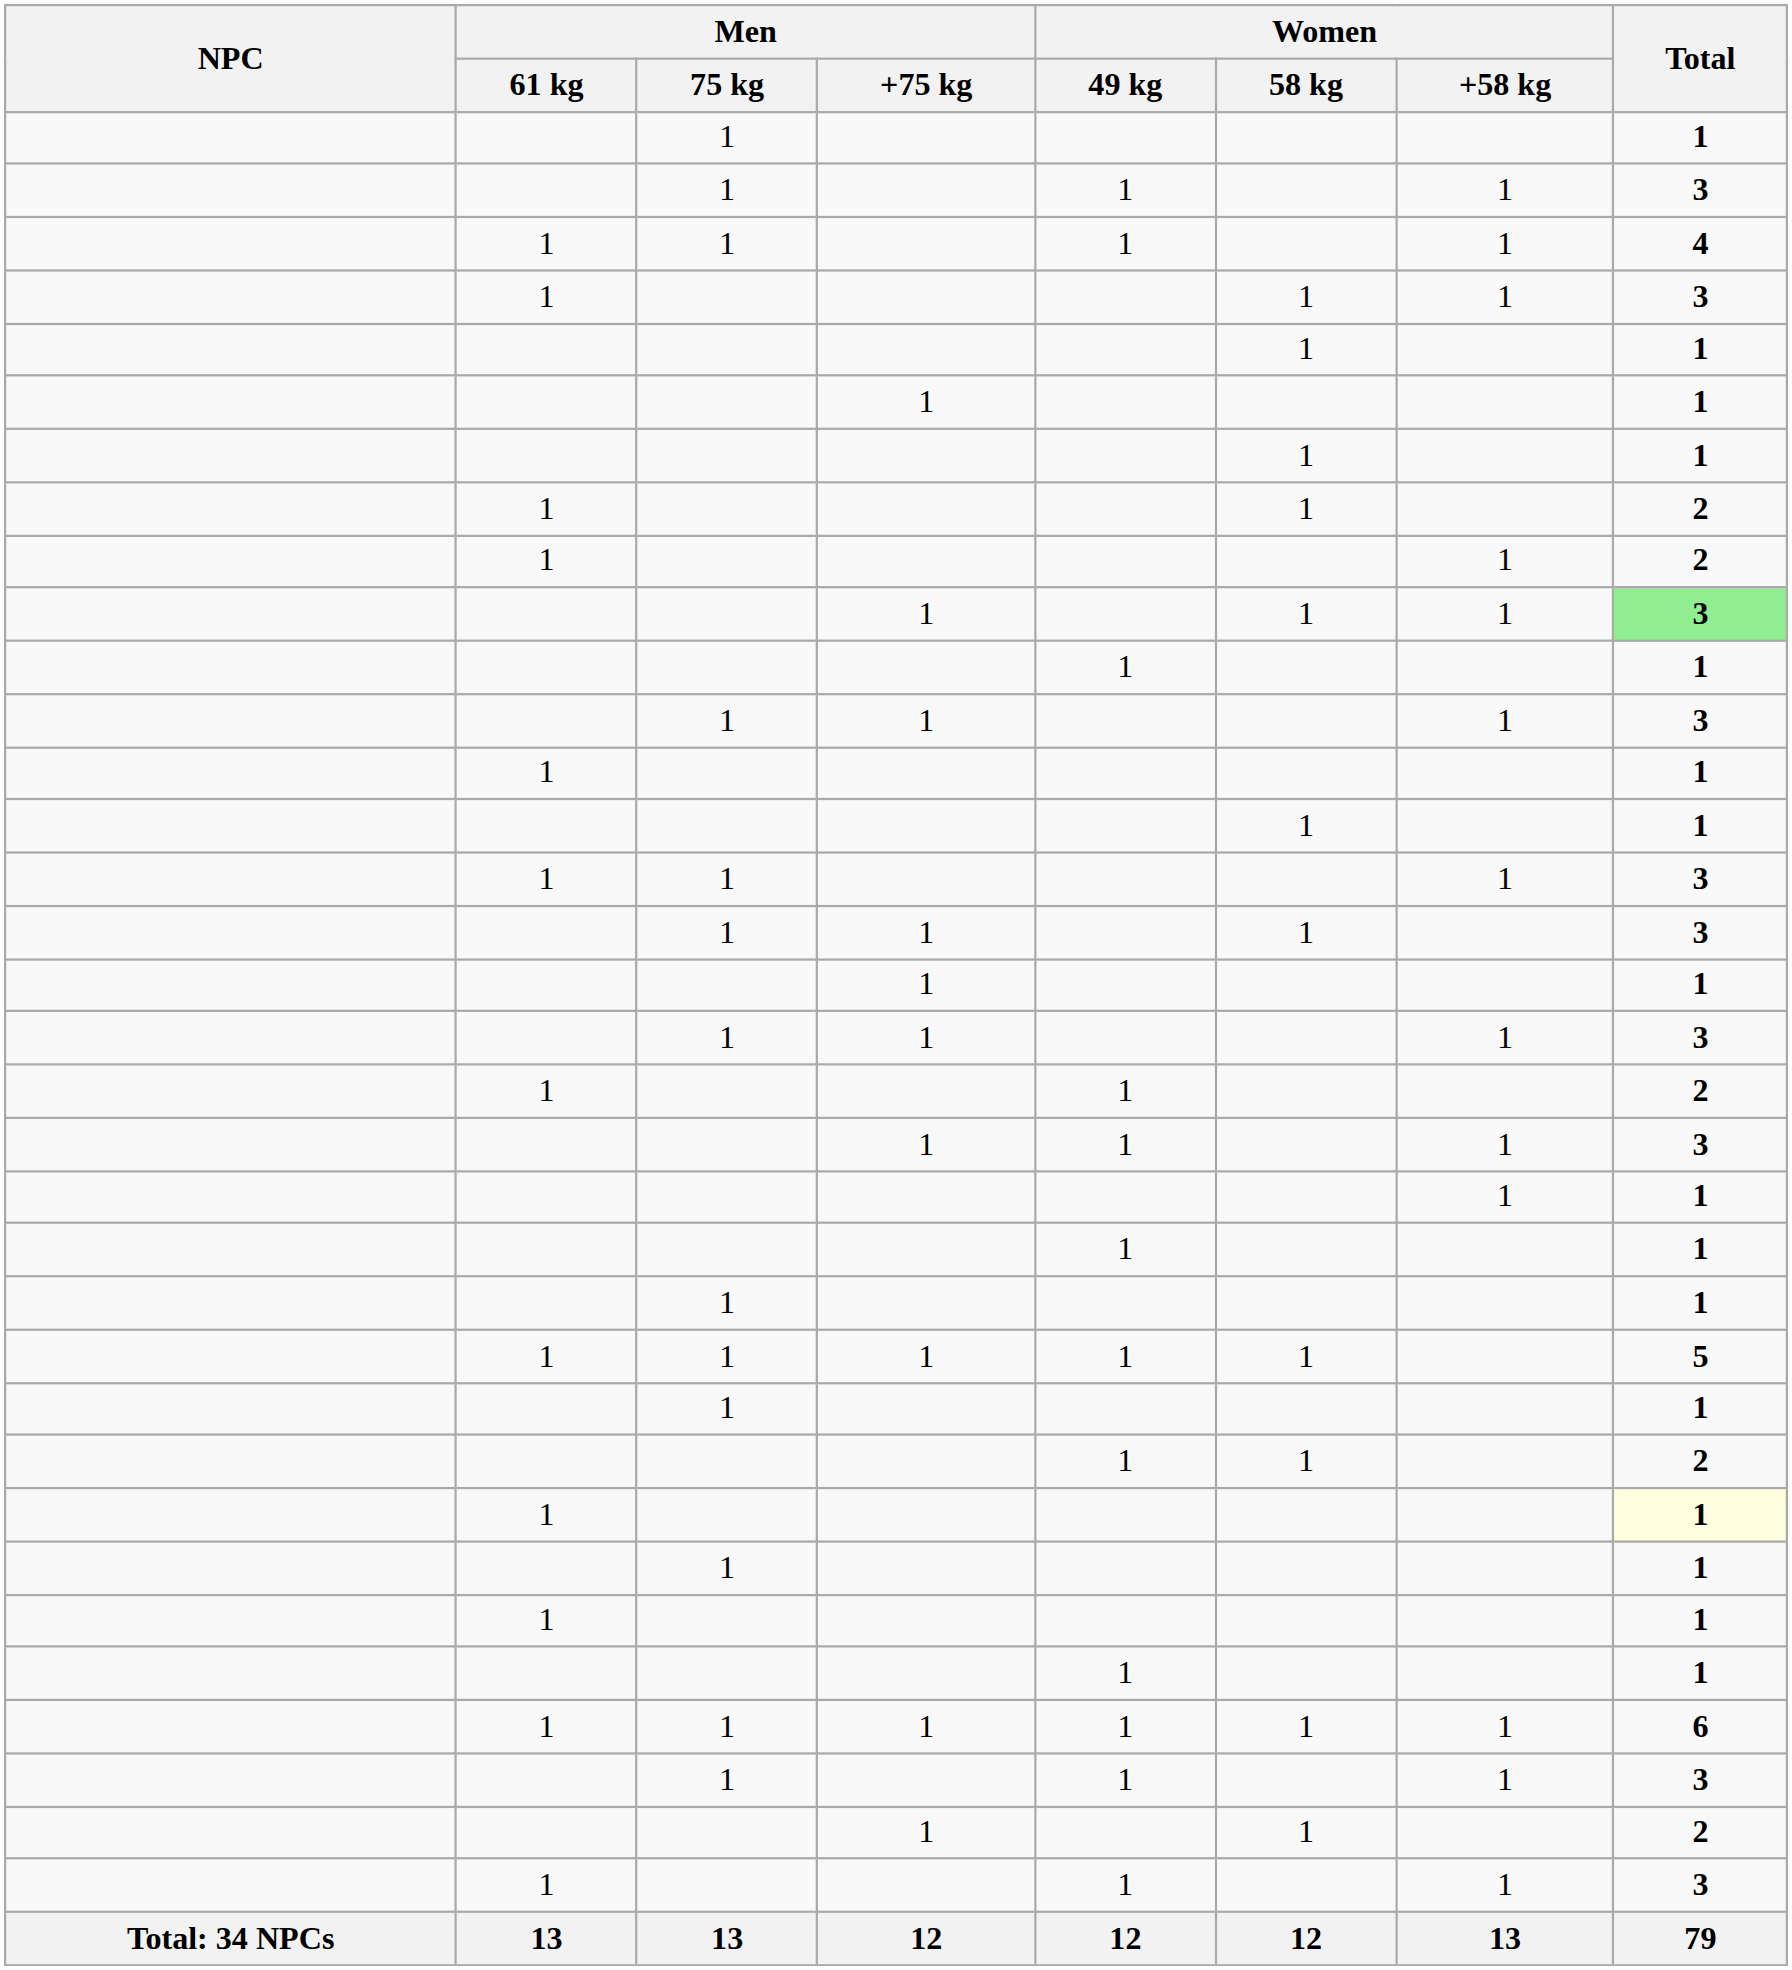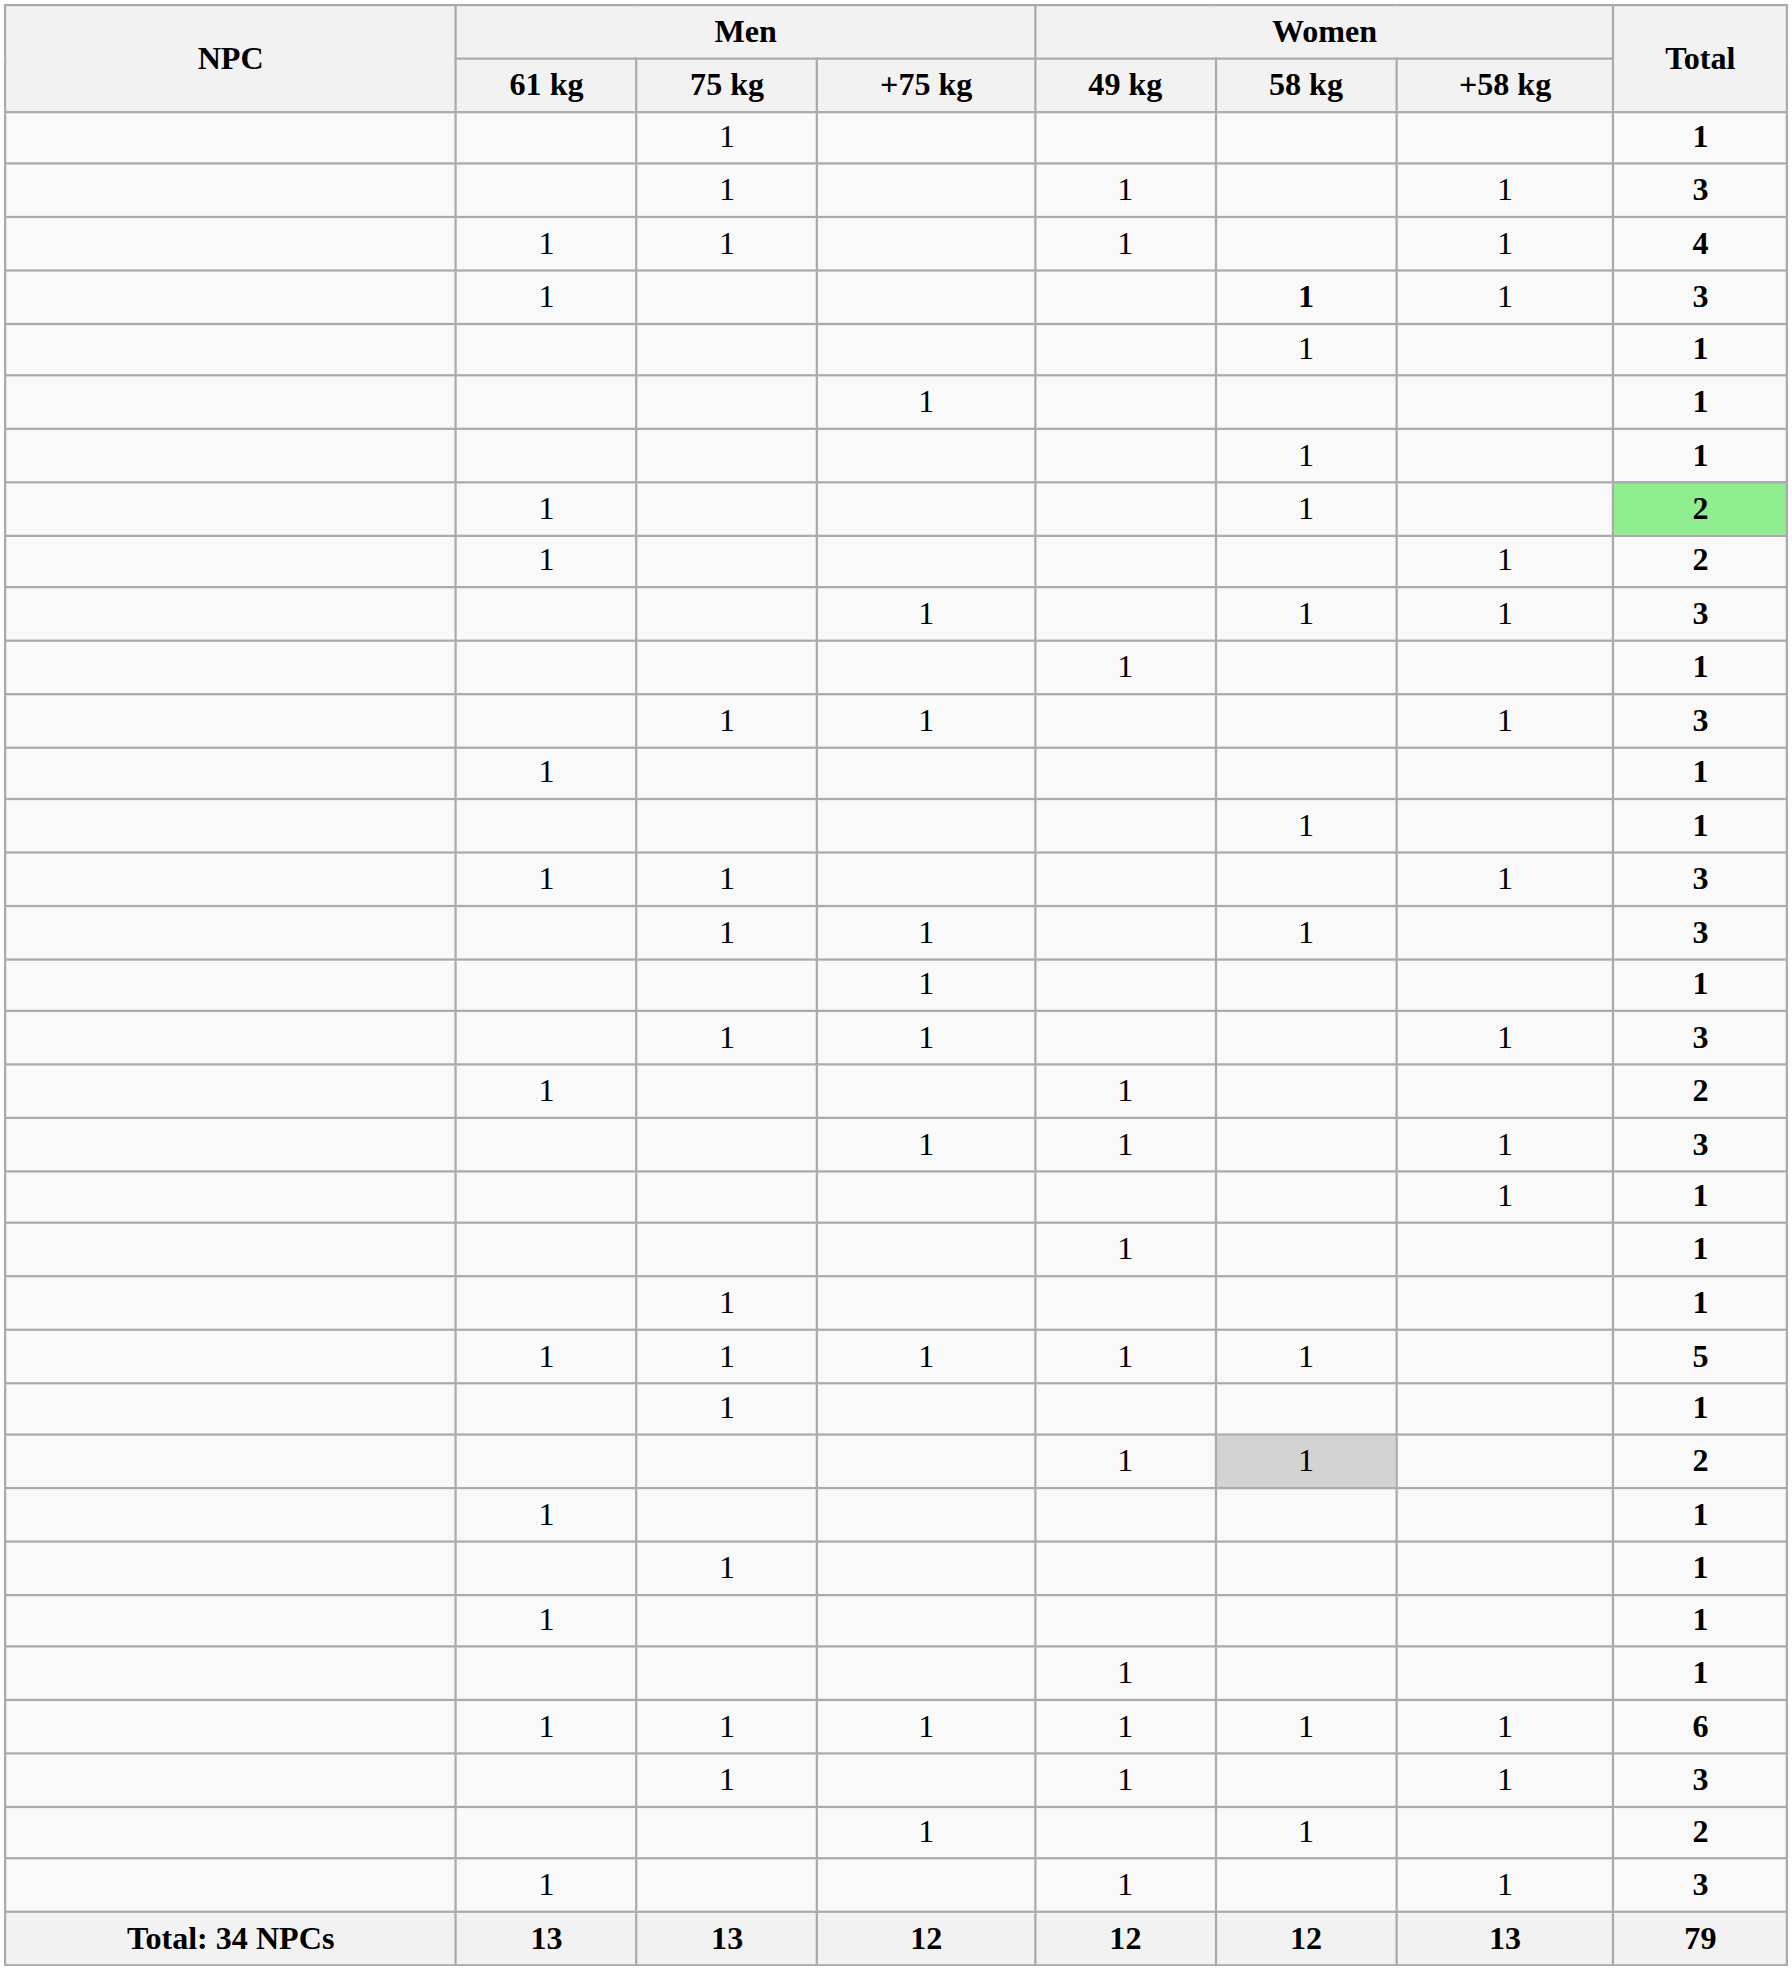 <table class="wikitable sortable" style="width:800px; text-align:center; font-size:90%;">
 <tr>
 <th rowspan="2">NPC</th>
 <th colspan="3">Men</th>
 <th colspan="3">Women</th>
 <th rowspan="2">Total</th>
 </tr>
 <tr>
 <th>61 kg</th>
 <th>75 kg</th>
 <th>+75 kg</th>
 <th>49 kg</th>
 <th>58 kg</th>
 <th>+58 kg</th>
 </tr>
 <tr>
 <td align=left></td>
 <td></td>
 <td>1</td>
 <td></td>
 <td></td>
 <td></td>
 <td></td>
 <td><strong>1</strong></td>
 </tr>
 <tr>
 <td align=left></td>
 <td></td>
 <td>1</td>
 <td></td>
 <td>1</td>
 <td></td>
 <td>1</td>
 <td><strong>3</strong></td>
 </tr>
 <tr>
 <td align=left></td>
 <td>1</td>
 <td>1</td>
 <td></td>
 <td>1</td>
 <td></td>
 <td>1</td>
 <td><strong>4</strong></td>
 </tr>
 <tr>
 <td align=left></td>
 <td>1</td>
 <td></td>
 <td></td>
 <td></td>
-<td>1</td>
+<td><strong>1</strong></td>
 <td>1</td>
 <td><strong>3</strong></td>
 </tr>
 <tr>
 <td align=left></td>
 <td></td>
 <td></td>
 <td></td>
 <td></td>
 <td>1</td>
 <td></td>
 <td><strong>1</strong></td>
 </tr>
 <tr>
 <td align=left></td>
 <td></td>
 <td></td>
 <td>1</td>
 <td></td>
 <td></td>
 <td></td>
 <td><strong>1</strong></td>
 </tr>
 <tr>
 <td align=left></td>
 <td></td>
 <td></td>
 <td></td>
 <td></td>
 <td>1</td>
 <td></td>
 <td><strong>1</strong></td>
 </tr>
 <tr>
 <td align=left></td>
 <td>1</td>
 <td></td>
 <td></td>
 <td></td>
 <td>1</td>
 <td></td>
-<td><strong>2</strong></td>
+<td style="background: lightgreen;"><strong>2</strong></td>
 </tr>
 <tr>
 <td align=left></td>
 <td>1</td>
 <td></td>
 <td></td>
 <td></td>
 <td></td>
 <td>1</td>
 <td><strong>2</strong></td>
 </tr>
 <tr>
 <td align=left></td>
 <td></td>
 <td></td>
 <td>1</td>
 <td></td>
 <td>1</td>
 <td>1</td>
-<td style="background: lightgreen;"><strong>3</strong></td>
+<td><strong>3</strong></td>
 </tr>
 <tr>
 <td align=left></td>
 <td></td>
 <td></td>
 <td></td>
 <td>1</td>
 <td></td>
 <td></td>
 <td><strong>1</strong></td>
 </tr>
 <tr>
 <td align=left></td>
 <td></td>
 <td>1</td>
 <td>1</td>
 <td></td>
 <td></td>
 <td>1</td>
 <td><strong>3</strong></td>
 </tr>
 <tr>
 <td align=left></td>
 <td>1</td>
 <td></td>
 <td></td>
 <td></td>
 <td></td>
 <td></td>
 <td><strong>1</strong></td>
 </tr>
 <tr>
 <td align=left></td>
 <td></td>
 <td></td>
 <td></td>
 <td></td>
 <td>1</td>
 <td></td>
 <td><strong>1</strong></td>
 </tr>
 <tr>
 <td align=left></td>
 <td>1</td>
 <td>1</td>
 <td></td>
 <td></td>
 <td></td>
 <td>1</td>
 <td><strong>3</strong></td>
 </tr>
 <tr>
 <td align=left></td>
 <td></td>
 <td>1</td>
 <td>1</td>
 <td></td>
 <td>1</td>
 <td></td>
 <td><strong>3</strong></td>
 </tr>
 <tr>
 <td align=left></td>
 <td></td>
 <td></td>
 <td>1</td>
 <td></td>
 <td></td>
 <td></td>
 <td><strong>1</strong></td>
 </tr>
 <tr>
 <td align=left></td>
 <td></td>
 <td>1</td>
 <td>1</td>
 <td></td>
 <td></td>
 <td>1</td>
 <td><strong>3</strong></td>
 </tr>
 <tr>
 <td align=left></td>
 <td>1</td>
 <td></td>
 <td></td>
 <td>1</td>
 <td></td>
 <td></td>
 <td><strong>2</strong></td>
 </tr>
 <tr>
 <td align=left></td>
 <td></td>
 <td></td>
 <td>1</td>
 <td>1</td>
 <td></td>
 <td>1</td>
 <td><strong>3</strong></td>
 </tr>
 <tr>
 <td align=left></td>
 <td></td>
 <td></td>
 <td></td>
 <td></td>
 <td></td>
 <td>1</td>
 <td><strong>1</strong></td>
 </tr>
 <tr>
 <td align=left></td>
 <td></td>
 <td></td>
 <td></td>
 <td>1</td>
 <td></td>
 <td></td>
 <td><strong>1</strong></td>
 </tr>
 <tr>
 <td align=left></td>
 <td></td>
 <td>1</td>
 <td></td>
 <td></td>
 <td></td>
 <td></td>
 <td><strong>1</strong></td>
 </tr>
 <tr>
 <td align=left></td>
 <td>1</td>
 <td>1</td>
 <td>1</td>
 <td>1</td>
 <td>1</td>
 <td></td>
 <td><strong>5</strong></td>
 </tr>
 <tr>
 <td align=left></td>
 <td></td>
 <td>1</td>
 <td></td>
 <td></td>
 <td></td>
 <td></td>
 <td><strong>1</strong></td>
 </tr>
 <tr>
 <td align=left></td>
 <td></td>
 <td></td>
 <td></td>
 <td>1</td>
-<td>1</td>
+<td style="background: lightgrey;">1</td>
 <td></td>
 <td><strong>2</strong></td>
 </tr>
 <tr>
 <td align=left></td>
 <td>1</td>
 <td></td>
 <td></td>
 <td></td>
 <td></td>
 <td></td>
-<td style="background: lightyellow;"><strong>1</strong></td>
+<td><strong>1</strong></td>
 </tr>
 <tr>
 <td align=left></td>
 <td></td>
 <td>1</td>
 <td></td>
 <td></td>
 <td></td>
 <td></td>
 <td><strong>1</strong></td>
 </tr>
 <tr>
 <td align=left></td>
 <td>1</td>
 <td></td>
 <td></td>
 <td></td>
 <td></td>
 <td></td>
 <td><strong>1</strong></td>
 </tr>
 <tr>
 <td align=left></td>
 <td></td>
 <td></td>
 <td></td>
 <td>1</td>
 <td></td>
 <td></td>
 <td><strong>1</strong></td>
 </tr>
 <tr>
 <td align=left></td>
 <td>1</td>
 <td>1</td>
 <td>1</td>
 <td>1</td>
 <td>1</td>
 <td>1</td>
 <td><strong>6</strong></td>
 </tr>
 <tr>
 <td align=left></td>
 <td></td>
 <td>1</td>
 <td></td>
 <td>1</td>
 <td></td>
 <td>1</td>
 <td><strong>3</strong></td>
 </tr>
 <tr>
 <td align=left></td>
 <td></td>
 <td></td>
 <td>1</td>
 <td></td>
 <td>1</td>
 <td></td>
 <td><strong>2</strong></td>
 </tr>
 <tr>
 <td align=left></td>
 <td>1</td>
 <td></td>
 <td></td>
 <td>1</td>
 <td></td>
 <td>1</td>
 <td><strong>3</strong></td>
 </tr>
 <tr>
 <th>Total: 34 NPCs</th>
 <th>13</th>
 <th>13</th>
 <th>12</th>
 <th>12</th>
 <th>12</th>
 <th>13</th>
 <th>79</th>
 </tr>
 </table>
